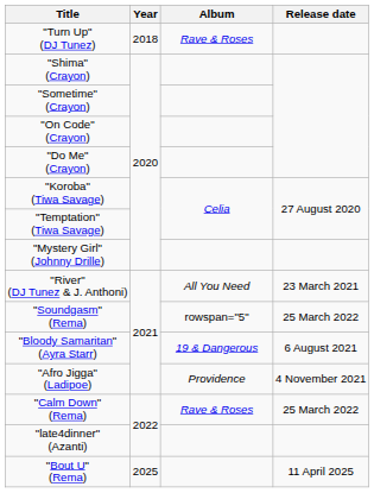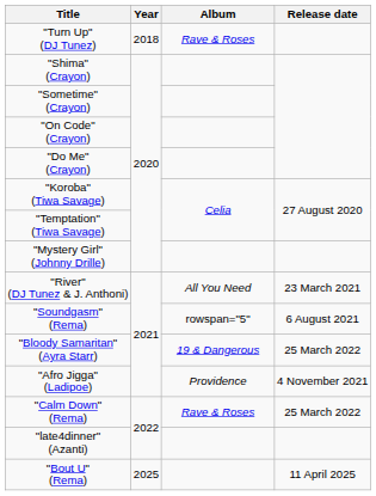 <table class="wikitable plainrowheaders" style="text-align:center;" border="1">
 <tr>
 <th>Title</th>
 <th>Year</th>
 <th width="150">Album</th>
 <th>Release date</th>
 </tr>
 <tr>
 <td>"Turn Up" <br><span>(<a href='#'>DJ Tunez</a>)</span></td>
 <td>2018</td>
 <td><em><a href='#'>Rave & Roses</a></em></td>
 <td></td>
 </tr>
 <tr>
 <td>"Shima" <br><span>(<a href='#'>Crayon</a>)</span></td>
 <td rowspan="7">2020</td>
 <td></td>
 </tr>
 <tr>
 <td>"Sometime" <br><span>(<a href='#'>Crayon</a>)</span></td>
 <td></td>
 </tr>
 <tr>
 <td>"On Code" <br><span>(<a href='#'>Crayon</a>)</span></td>
 <td></td>
 </tr>
 <tr>
 <td>"Do Me" <br><span>(<a href='#'>Crayon</a>)</span></td>
 <td></td>
 </tr>
 <tr>
 <td>"Koroba" <br><span>(<a href='#'>Tiwa Savage</a>)</span></td>
 <td rowspan="2"><em><a href='#'>Celia</a></em></td>
 <td rowspan="2">27 August 2020</td>
 </tr>
 <tr>
 <td>"Temptation" <br><span>(<a href='#'>Tiwa Savage</a>)</span></td>
 </tr>
 <tr>
 <td>"Mystery Girl" <br><span>(<a href='#'>Johnny Drille</a>)</span></td>
 <td></td>
 <td></td>
 </tr>
 <tr>
 <td>"River" <br><span>(<a href='#'>DJ Tunez</a> & J. Anthoni)</span></td>
 <td rowspan="4">2021</td>
 <td><em> All You Need</em></td>
 <td>23 March 2021</td>
 </tr>
 <tr>
 <td>"<a href='#'>Soundgasm</a>" <br><span>(<a href='#'>Rema</a>)</span></td>
 <td>rowspan="5" </td>
-<td>25 March 2022</td>
+<td>6 August 2021</td>
 </tr>
 <tr>
 <td>"<a href='#'>Bloody Samaritan</a>" <br><span>(<a href='#'>Ayra Starr</a>)</span></td>
 <td><em><a href='#'>19 & Dangerous</a></em></td>
-<td>6 August 2021</td>
+<td>25 March 2022</td>
 </tr>
 <tr>
 <td>"Afro Jigga" <br><span>(<a href='#'>Ladipoe</a>)</span></td>
 <td><em>Providence</em></td>
 <td>4 November 2021</td>
 </tr>
 <tr>
 <td>"<a href='#'>Calm Down</a>" <br><span>(<a href='#'>Rema</a>)</span></td>
 <td rowspan="2">2022</td>
 <td><em><a href='#'>Rave & Roses</a></em></td>
 <td>25 March 2022</td>
 </tr>
 <tr>
 <td>"late4dinner" <br><span>(Azanti)</span></td>
 <td></td>
 </tr>
 <tr>
 <td>"<a href='#'>Bout U</a>" <br><span>(<a href='#'>Rema</a>)</span></td>
 <td rowspan="2">2025</td>
 <td></td>
 <td>11 April 2025</td>
 </tr>
 </table>
